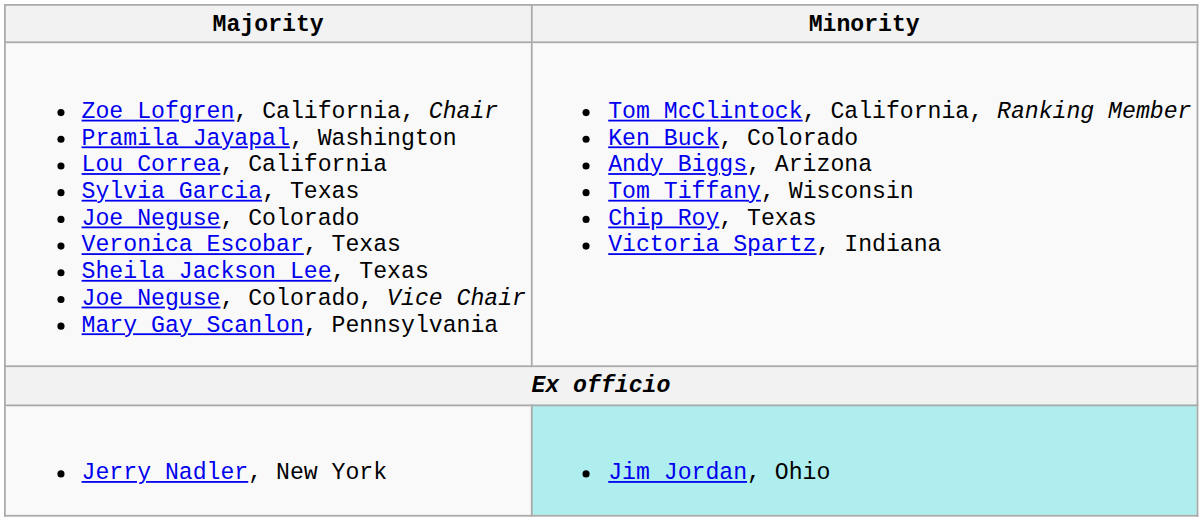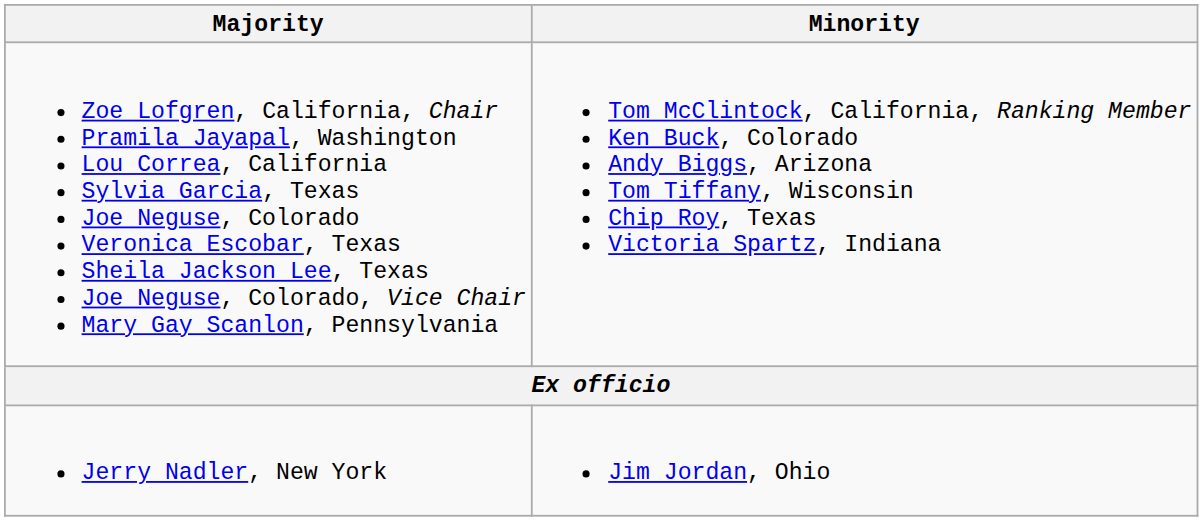 <table class=wikitable>
 <tr>
 <th>Majority</th>
 <th>Minority</th>
 </tr>
 <tr valign=top>
 <td><br><ul><li><a href='#'>Zoe Lofgren</a>, California, <em>Chair</em></li><li><a href='#'>Pramila Jayapal</a>, Washington</li><li><a href='#'>Lou Correa</a>, California</li><li><a href='#'>Sylvia Garcia</a>, Texas</li><li><a href='#'>Joe Neguse</a>, Colorado</li><li><a href='#'>Veronica Escobar</a>, Texas</li><li><a href='#'>Sheila Jackson Lee</a>, Texas</li><li><a href='#'>Joe Neguse</a>, Colorado, <em>Vice Chair</em></li><li><a href='#'>Mary Gay Scanlon</a>, Pennsylvania</li></ul></td>
 <td><br><ul><li><a href='#'>Tom McClintock</a>, California, <em>Ranking Member</em></li><li><a href='#'>Ken Buck</a>, Colorado</li><li><a href='#'>Andy Biggs</a>, Arizona</li><li><a href='#'>Tom Tiffany</a>, Wisconsin</li><li><a href='#'>Chip Roy</a>, Texas</li><li><a href='#'>Victoria Spartz</a>, Indiana</li></ul></td>
 </tr>
 <tr>
 <th colspan=2><em>Ex officio</em></th>
 </tr>
 <tr>
 <td><br><ul><li><a href='#'>Jerry Nadler</a>, New York</li></ul></td>
-<td style="background: paleturquoise;"><br><ul><li><a href='#'>Jim Jordan</a>, Ohio</li></ul></td>
+<td><br><ul><li><a href='#'>Jim Jordan</a>, Ohio</li></ul></td>
 </tr>
 </table>
